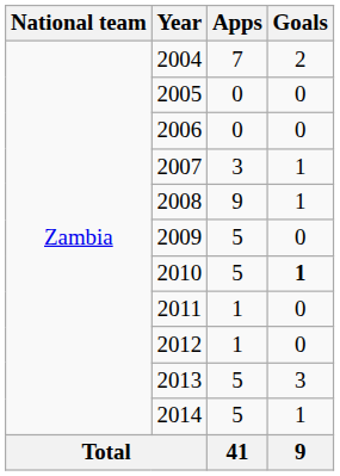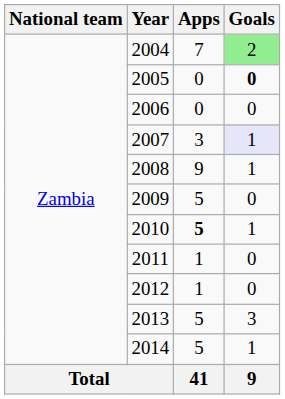 <table class="wikitable" style="text-align:center">
 <tr>
 <th>National team</th>
 <th>Year</th>
 <th>Apps</th>
 <th>Goals</th>
 </tr>
 <tr>
 <td rowspan="11"><a href='#'>Zambia</a></td>
 <td>2004</td>
 <td>7</td>
-<td>2</td>
+<td style="background: lightgreen;">2</td>
 </tr>
 <tr>
 <td>2005</td>
 <td>0</td>
-<td>0</td>
+<td><strong>0</strong></td>
 </tr>
 <tr>
 <td>2006</td>
 <td>0</td>
 <td>0</td>
 </tr>
 <tr>
 <td>2007</td>
 <td>3</td>
-<td>1</td>
+<td style="background: lavender;">1</td>
 </tr>
 <tr>
 <td>2008</td>
 <td>9</td>
 <td>1</td>
 </tr>
 <tr>
 <td>2009</td>
 <td>5</td>
 <td>0</td>
 </tr>
 <tr>
 <td>2010</td>
-<td>5</td>
-<td><strong>1</strong></td>
+<td><strong>5</strong></td>
+<td>1</td>
 </tr>
 <tr>
 <td>2011</td>
 <td>1</td>
 <td>0</td>
 </tr>
 <tr>
 <td>2012</td>
 <td>1</td>
 <td>0</td>
 </tr>
 <tr>
 <td>2013</td>
 <td>5</td>
 <td>3</td>
 </tr>
 <tr>
 <td>2014</td>
 <td>5</td>
 <td>1</td>
 </tr>
 <tr>
 <th colspan="2">Total</th>
 <th>41</th>
 <th>9</th>
 </tr>
 </table>
